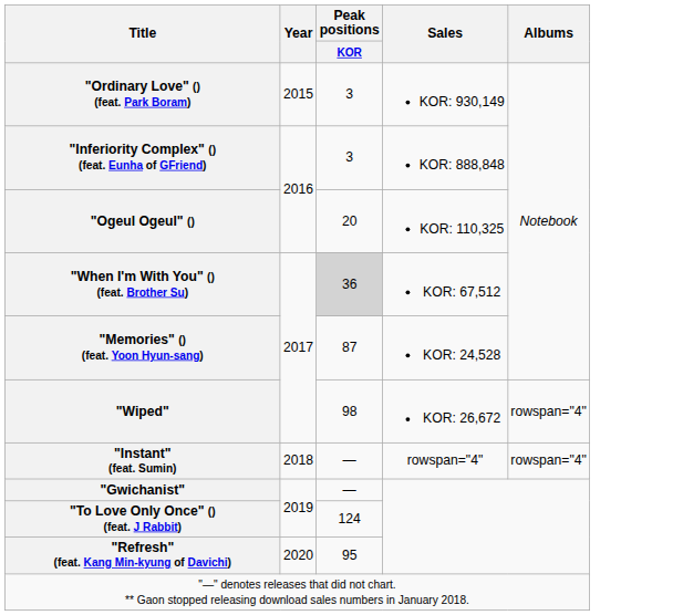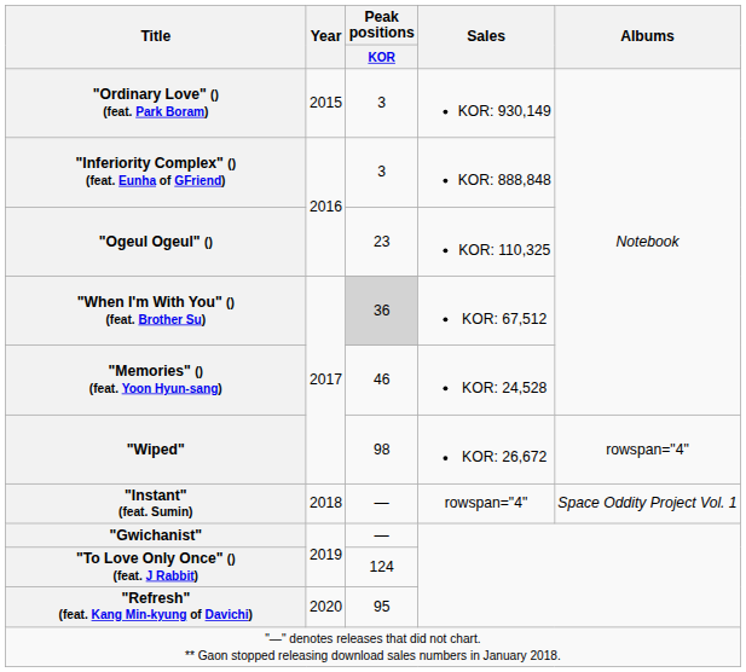 <table class="wikitable plainrowheaders" style="text-align:center;">
 <tr>
 <th scope="col" rowspan="2" style="width:20em;">Title</th>
 <th scope="col" rowspan="2">Year</th>
 <th scope="col" colspan="1">Peak positions</th>
 <th scope="col" rowspan="2">Sales</th>
 <th scope="col" rowspan="2">Albums</th>
 </tr>
 <tr>
 <th width="40"><small><a href='#'>KOR</a></small><br></th>
 </tr>
 <tr>
 <th scope="row">"Ordinary Love" <small>() <br> (feat. <a href='#'>Park Boram</a>)</small></th>
 <td>2015</td>
 <td>3</td>
 <td><br><ul><li>KOR: 930,149</li></ul></td>
 <td rowspan="5"><em>Notebook</em></td>
 </tr>
 <tr>
 <th scope="row">"Inferiority Complex" <small>() <br> (feat. <a href='#'>Eunha</a> of <a href='#'>GFriend</a>)</small></th>
 <td rowspan="2">2016</td>
 <td>3</td>
 <td><br><ul><li>KOR: 888,848</li></ul></td>
 </tr>
 <tr>
 <th scope="row">"Ogeul Ogeul" <small>()</small></th>
-<td>20</td>
+<td>23</td>
 <td><br><ul><li>KOR: 110,325</li></ul></td>
 </tr>
 <tr>
 <th scope="row">"When I'm With You" <small>() <br> (feat. <a href='#'>Brother Su</a>)</small></th>
 <td rowspan="3">2017</td>
 <td style="background: lightgrey;">36</td>
 <td><br><ul><li>KOR: 67,512</li></ul></td>
 </tr>
 <tr>
 <th scope="row">"Memories" <small>() <br> (feat. <a href='#'>Yoon Hyun-sang</a>)</small></th>
-<td>87</td>
+<td>46</td>
 <td><br><ul><li>KOR: 24,528</li></ul></td>
 </tr>
 <tr>
 <th scope="row">"Wiped"</th>
 <td>98</td>
 <td><br><ul><li>KOR: 26,672</li></ul></td>
 <td>rowspan="4" </td>
 </tr>
 <tr>
 <th scope="row">"Instant" <small> <br> (feat. Sumin)</small></th>
 <td rowspan="1">2018</td>
 <td>—</td>
 <td>rowspan="4" </td>
-<td>rowspan="4" </td>
+<td><em>Space Oddity Project Vol. 1</em></td>
 </tr>
 <tr>
 <th scope="row">"Gwichanist"</th>
 <td rowspan="2">2019</td>
 <td>—</td>
 </tr>
 <tr>
 <th scope="row">"To Love Only Once" <small>() <br> (feat. <a href='#'>J Rabbit</a>)</small></th>
 <td>124</td>
 </tr>
 <tr>
 <th scope="row">"Refresh" <br> <small>(feat. <a href='#'>Kang Min-kyung</a> of <a href='#'>Davichi</a>)</small></th>
 <td>2020</td>
 <td>95</td>
 </tr>
 <tr>
 <td colspan="5" align="center"><small>"—" denotes releases that did not chart.<br>** Gaon stopped releasing download sales numbers in January 2018.</small></td>
 </tr>
 </table>
